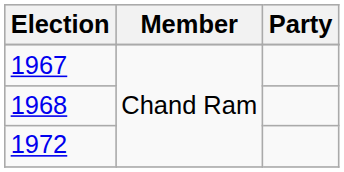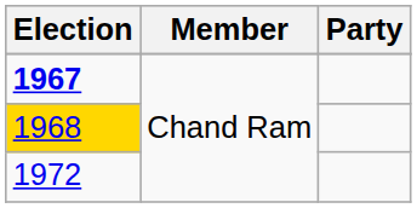 <table class="wikitable sortable">
 <tr>
 <th>Election</th>
 <th>Member</th>
 <th colspan=2>Party</th>
 </tr>
 <tr>
 </tr>
 <tr>
-<td><a href='#'>1967</a></td>
+<td><strong><a href='#'>1967</a></strong></td>
 <td rowspan=3>Chand Ram</td>
 <td></td>
 </tr>
 <tr>
-<td><a href='#'>1968</a></td>
+<td style="background: gold;"><a href='#'>1968</a></td>
 <td></td>
 </tr>
 <tr>
 <td><a href='#'>1972</a></td>
 </tr>
 </table>
